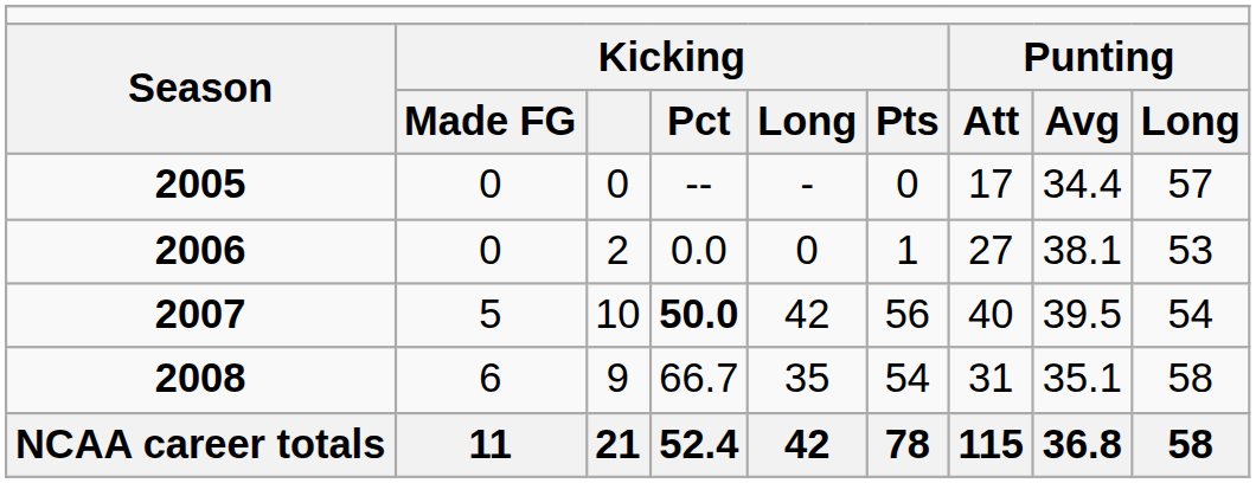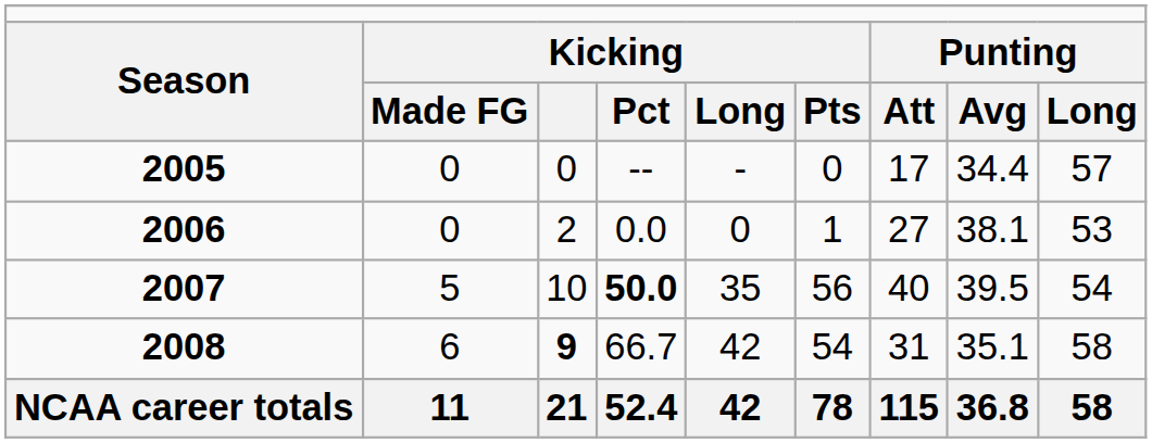 <table class=wikitable style="text-align:center;">
 <tr>
 </tr>
 <tr>
 <td ! colspan=15></td>
 </tr>
 <tr>
 <th rowspan=2>Season</th>
 <th colspan=5>Kicking</th>
 <th colspan=3>Punting</th>
 </tr>
 <tr>
 <th>Made FG</th>
 <th></th>
 <th>Pct</th>
 <th>Long</th>
 <th>Pts</th>
 <th>Att</th>
 <th>Avg</th>
 <th>Long</th>
 </tr>
 <tr>
 <td><strong>2005</strong></td>
 <td>0</td>
 <td>0</td>
 <td>--</td>
 <td>-</td>
 <td>0</td>
 <td>17</td>
 <td>34.4</td>
 <td>57</td>
 </tr>
 <tr>
 <td><strong>2006</strong></td>
 <td>0</td>
 <td>2</td>
 <td>0.0</td>
 <td>0</td>
 <td>1</td>
 <td>27</td>
 <td>38.1</td>
 <td>53</td>
 </tr>
 <tr>
 <td><strong>2007</strong></td>
 <td>5</td>
 <td>10</td>
 <td><strong>50.0</strong></td>
-<td>42</td>
+<td>35</td>
 <td>56</td>
 <td>40</td>
 <td>39.5</td>
 <td>54</td>
 </tr>
 <tr>
 <td><strong>2008</strong></td>
 <td>6</td>
-<td>9</td>
+<td><strong>9</strong></td>
 <td>66.7</td>
-<td>35</td>
+<td>42</td>
 <td>54</td>
 <td>31</td>
 <td>35.1</td>
 <td>58</td>
 </tr>
 <tr>
 <th>NCAA career totals</th>
 <th>11</th>
 <th>21</th>
 <th>52.4</th>
 <th>42</th>
 <th>78</th>
 <th>115</th>
 <th>36.8</th>
 <th>58</th>
 </tr>
 </table>
